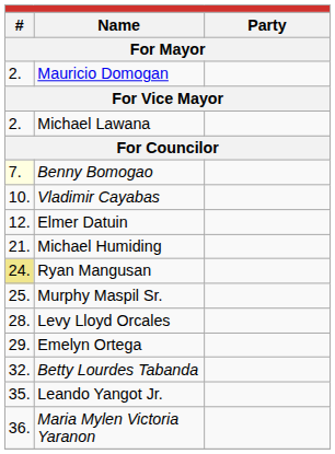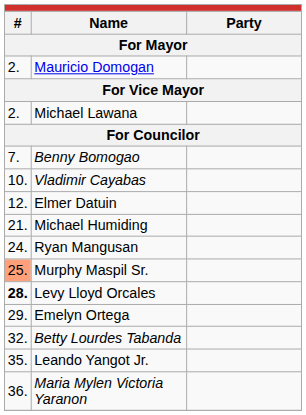 <table class="wikitable" style="font-size:90%">
 <tr>
 <td colspan="5" bgcolor="#D0312D"></td>
 </tr>
 <tr>
 <th>#</th>
 <th width=150px>Name</th>
 <th colspan=2 width=110px>Party</th>
 </tr>
 <tr>
 <th colspan=5>For Mayor</th>
 </tr>
 <tr>
 <td>2.</td>
 <td><a href='#'>Mauricio Domogan</a></td>
 <td></td>
 </tr>
 <tr>
 <th colspan=5>For Vice Mayor</th>
 </tr>
 <tr>
 <td>2.</td>
 <td>Michael Lawana</td>
 <td></td>
 </tr>
 <tr>
 <th colspan="5">For Councilor</th>
 </tr>
 <tr>
-<td style="background: lightyellow;">7.</td>
+<td>7.</td>
 <td><em>Benny Bomogao</em></td>
 <td></td>
 </tr>
 <tr>
 <td>10.</td>
 <td><em>Vladimir Cayabas</em></td>
 <td></td>
 </tr>
 <tr>
 <td>12.</td>
 <td>Elmer Datuin</td>
 <td></td>
 </tr>
 <tr>
 <td>21.</td>
 <td>Michael Humiding</td>
 <td></td>
 </tr>
 <tr>
-<td style="background: khaki;">24.</td>
+<td>24.</td>
 <td>Ryan Mangusan</td>
 <td></td>
 </tr>
 <tr>
-<td>25.</td>
+<td style="background: lightsalmon;">25.</td>
 <td>Murphy Maspil Sr.</td>
 <td></td>
 </tr>
 <tr>
-<td>28.</td>
+<td><strong>28.</strong></td>
 <td>Levy Lloyd Orcales</td>
 <td></td>
 </tr>
 <tr>
 <td>29.</td>
 <td>Emelyn Ortega</td>
 <td></td>
 </tr>
 <tr>
 <td>32.</td>
 <td><em>Betty Lourdes Tabanda</em></td>
 <td></td>
 </tr>
 <tr>
 <td>35.</td>
 <td>Leando Yangot Jr.</td>
 <td></td>
 </tr>
 <tr>
 <td>36.</td>
 <td><em>Maria Mylen Victoria Yaranon</em></td>
 <td></td>
 </tr>
 <tr>
 </tr>
 </table>
